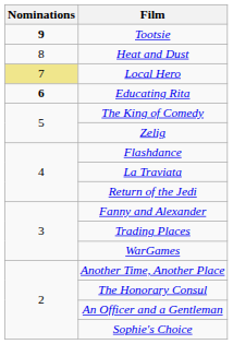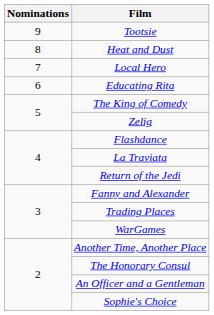 <table class="wikitable" style="text-align:center;">
 <tr>
 <th style="background:">Nominations</th>
 <th style="background:">Film</th>
 </tr>
 <tr>
-<td><strong>9</strong></td>
+<td>9</td>
 <td><em><a href='#'>Tootsie</a></em></td>
 </tr>
 <tr>
 <td>8</td>
 <td><em><a href='#'>Heat and Dust</a></em></td>
 </tr>
 <tr>
-<td style="background: khaki;">7</td>
+<td>7</td>
 <td><em><a href='#'>Local Hero</a></em></td>
 </tr>
 <tr>
-<td><strong>6</strong></td>
+<td>6</td>
 <td><em><a href='#'>Educating Rita</a></em></td>
 </tr>
 <tr>
 <td rowspan="2">5</td>
 <td><em><a href='#'>The King of Comedy</a></em></td>
 </tr>
 <tr>
 <td><em><a href='#'>Zelig</a></em></td>
 </tr>
 <tr>
 <td rowspan="3">4</td>
 <td><em><a href='#'>Flashdance</a></em></td>
 </tr>
 <tr>
 <td><em><a href='#'>La Traviata</a></em></td>
 </tr>
 <tr>
 <td><em><a href='#'>Return of the Jedi</a></em></td>
 </tr>
 <tr>
 <td rowspan="3">3</td>
 <td><em><a href='#'>Fanny and Alexander</a></em></td>
 </tr>
 <tr>
 <td><em><a href='#'>Trading Places</a></em></td>
 </tr>
 <tr>
 <td><em><a href='#'>WarGames</a></em></td>
 </tr>
 <tr>
 <td rowspan="4">2</td>
 <td><em><a href='#'>Another Time, Another Place</a></em></td>
 </tr>
 <tr>
 <td><em><a href='#'>The Honorary Consul</a></em></td>
 </tr>
 <tr>
 <td><em><a href='#'>An Officer and a Gentleman</a></em></td>
 </tr>
 <tr>
 <td><em><a href='#'>Sophie's Choice</a></em></td>
 </tr>
 </table>
